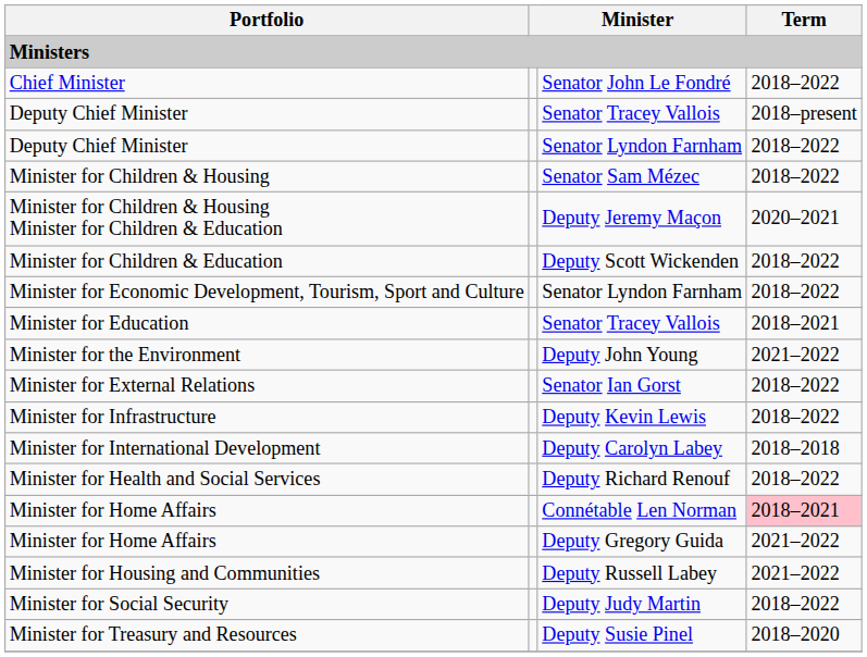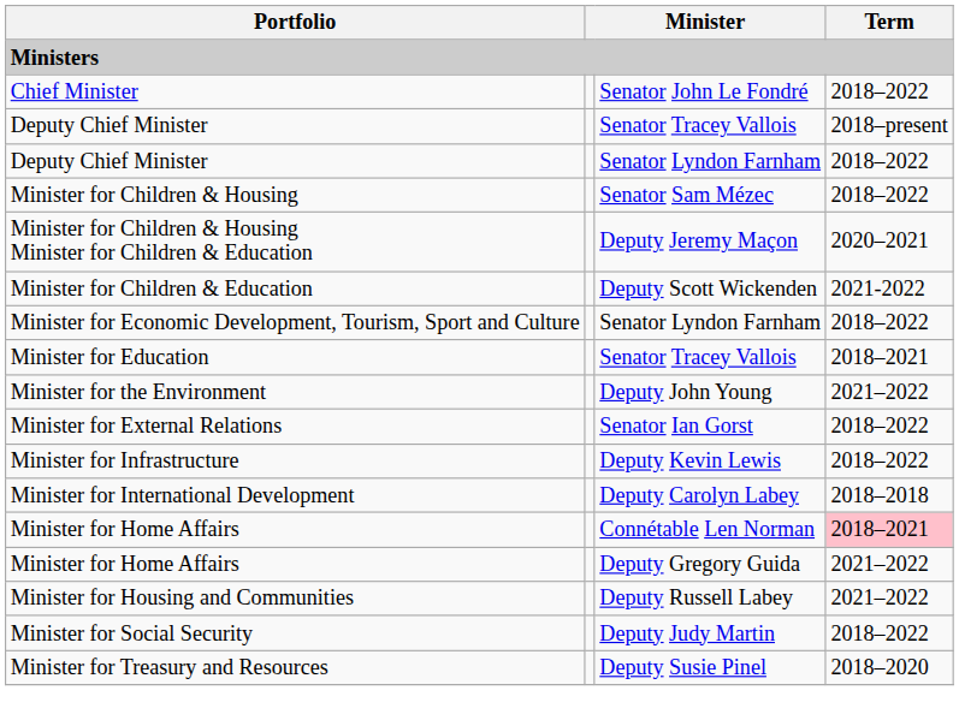 <table class="wikitable">
 <tr>
 <th>Portfolio</th>
 <th colspan=2>Minister</th>
 <th>Term</th>
 </tr>
 <tr>
 <td colspan="4" style="background:#cccccc;"><strong>Ministers</strong></td>
 </tr>
 <tr>
 <td><a href='#'>Chief Minister</a></td>
 <td style="background:"></td>
 <td><a href='#'>Senator</a> <a href='#'>John Le Fondré</a></td>
 <td>2018–2022</td>
 </tr>
 <tr>
 <td>Deputy Chief Minister</td>
 <td style="background:"></td>
 <td><a href='#'>Senator</a> <a href='#'>Tracey Vallois</a></td>
 <td>2018–present</td>
 </tr>
 <tr>
 <td>Deputy Chief Minister</td>
 <td style="background:"></td>
 <td><a href='#'>Senator</a> <a href='#'>Lyndon Farnham</a></td>
 <td>2018–2022</td>
 </tr>
 <tr>
 <td>Minister for Children & Housing</td>
 <td style="background:"></td>
 <td><a href='#'>Senator</a> <a href='#'>Sam Mézec</a></td>
 <td>2018–2022</td>
 </tr>
 <tr>
 <td>Minister for Children & Housing<br>Minister for Children & Education</td>
 <td style="background:"></td>
 <td><a href='#'>Deputy</a> <a href='#'>Jeremy Maçon</a></td>
 <td>2020–2021</td>
 </tr>
 <tr>
 <td>Minister for Children & Education</td>
 <td style="background:"></td>
 <td><a href='#'>Deputy</a> Scott Wickenden</td>
-<td>2018–2022</td>
+<td>2021-2022</td>
 </tr>
 <tr>
 <td>Minister for Economic Development, Tourism, Sport and Culture</td>
 <td style="background:"></td>
 <td>Senator Lyndon Farnham</td>
 <td>2018–2022</td>
 </tr>
 <tr>
 <td>Minister for Education</td>
 <td style="background:"></td>
 <td><a href='#'>Senator</a> <a href='#'>Tracey Vallois</a></td>
 <td>2018–2021</td>
 </tr>
 <tr>
 <td>Minister for the Environment</td>
 <td style="background:"></td>
 <td><a href='#'>Deputy</a> John Young</td>
 <td>2021–2022</td>
 </tr>
 <tr>
 <td>Minister for External Relations</td>
 <td style="background:"></td>
 <td><a href='#'>Senator</a> <a href='#'>Ian Gorst</a></td>
 <td>2018–2022</td>
 </tr>
 <tr>
 <td>Minister for Infrastructure</td>
 <td style="background:"></td>
 <td><a href='#'>Deputy</a> <a href='#'>Kevin Lewis</a></td>
 <td>2018–2022</td>
 </tr>
 <tr>
 <td>Minister for International Development</td>
 <td style="background:"></td>
 <td><a href='#'>Deputy</a> <a href='#'>Carolyn Labey</a></td>
 <td>2018–2018</td>
 </tr>
 <tr>
-<td>Minister for Health and Social Services</td>
-<td style="background:"></td>
-<td><a href='#'>Deputy</a> Richard Renouf</td>
-<td>2018–2022</td>
-</tr>
-<tr>
 <td>Minister for Home Affairs</td>
 <td style="background:"></td>
 <td><a href='#'>Connétable</a> <a href='#'>Len Norman</a></td>
 <td style="background: pink;">2018–2021</td>
 </tr>
 <tr>
 <td>Minister for Home Affairs</td>
 <td style="background:"></td>
 <td><a href='#'>Deputy</a> Gregory Guida</td>
 <td>2021–2022</td>
 </tr>
 <tr>
 <td>Minister for Housing and Communities</td>
 <td style="background:"></td>
 <td><a href='#'>Deputy</a> Russell Labey</td>
 <td>2021–2022</td>
 </tr>
 <tr>
 <td>Minister for Social Security</td>
 <td style="background:"></td>
 <td><a href='#'>Deputy</a> <a href='#'>Judy Martin</a></td>
 <td>2018–2022</td>
 </tr>
 <tr>
 <td>Minister for Treasury and Resources</td>
 <td style="background:"></td>
 <td><a href='#'>Deputy</a> <a href='#'>Susie Pinel</a></td>
 <td>2018–2020</td>
 </tr>
 <tr>
 </tr>
 </table>
